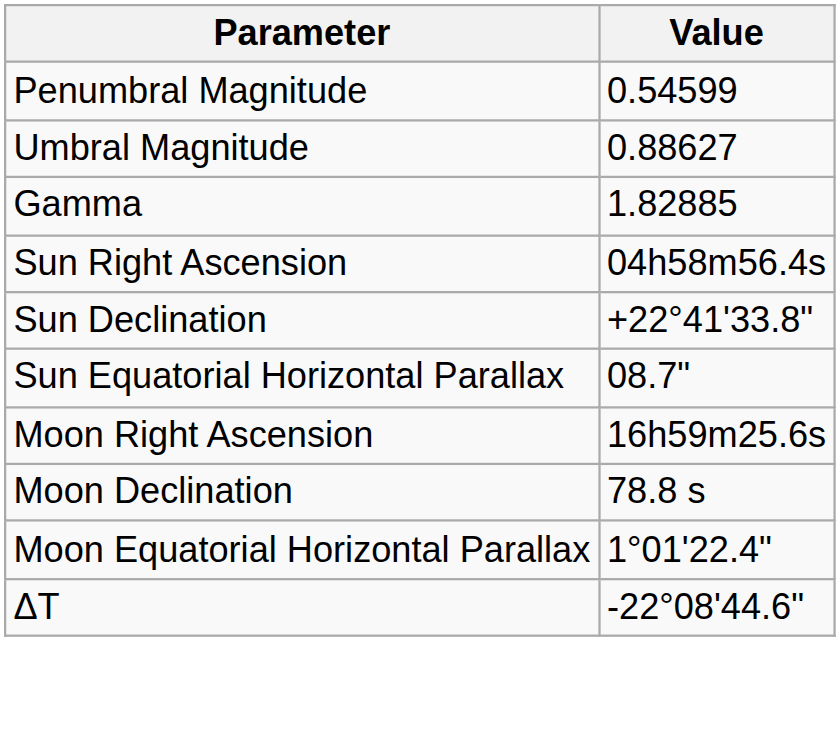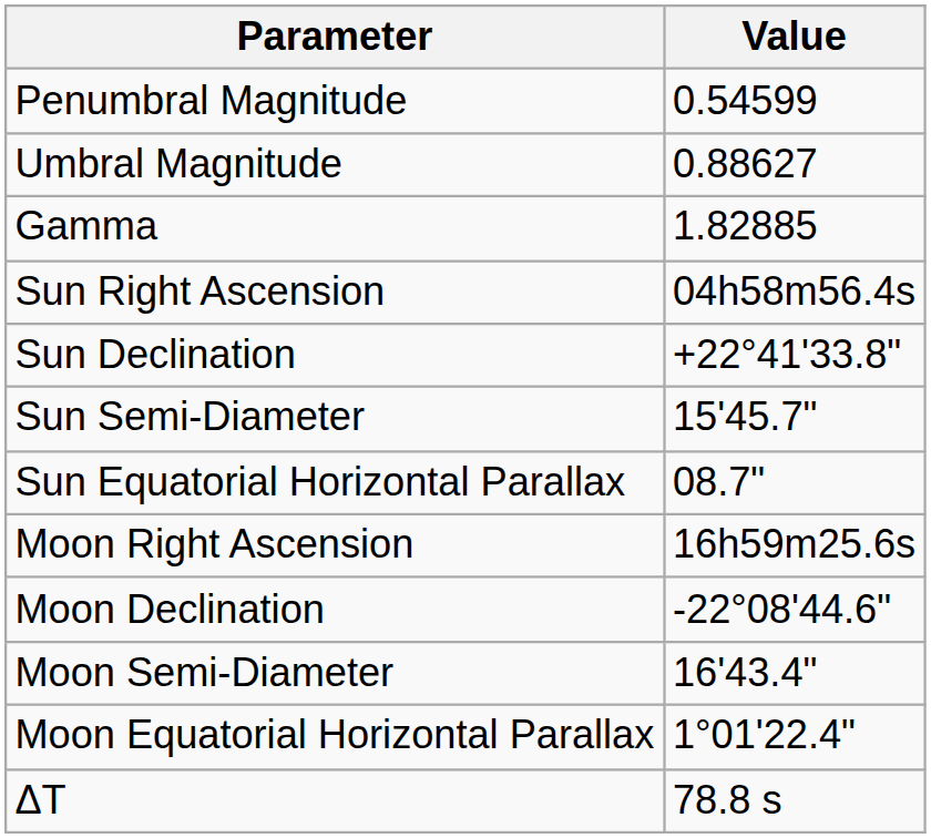 <table class="wikitable">
 <tr>
 <th>Parameter</th>
 <th>Value</th>
 </tr>
 <tr>
 <td>Penumbral Magnitude</td>
 <td>0.54599</td>
 </tr>
 <tr>
 <td>Umbral Magnitude</td>
 <td>0.88627</td>
 </tr>
 <tr>
 <td>Gamma</td>
 <td>1.82885</td>
 </tr>
 <tr>
 <td>Sun Right Ascension</td>
 <td>04h58m56.4s</td>
 </tr>
 <tr>
 <td>Sun Declination</td>
 <td>+22°41'33.8"</td>
 </tr>
 <tr>
+<td>Sun Semi-Diameter</td>
+<td>15'45.7"</td>
+</tr>
+<tr>
 <td>Sun Equatorial Horizontal Parallax</td>
 <td>08.7"</td>
 </tr>
 <tr>
 <td>Moon Right Ascension</td>
 <td>16h59m25.6s</td>
 </tr>
 <tr>
 <td>Moon Declination</td>
-<td>78.8 s</td>
+<td>-22°08'44.6"</td>
+</tr>
+<tr>
+<td>Moon Semi-Diameter</td>
+<td>16'43.4"</td>
 </tr>
 <tr>
 <td>Moon Equatorial Horizontal Parallax</td>
 <td>1°01'22.4"</td>
 </tr>
 <tr>
 <td>ΔT</td>
-<td>-22°08'44.6"</td>
+<td>78.8 s</td>
 </tr>
 </table>
